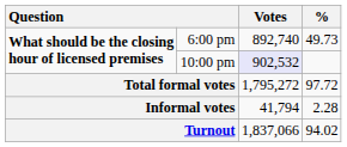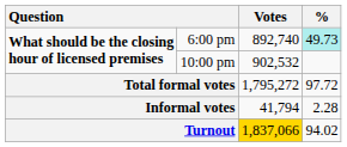 <table class="wikitable" align="center">
 <tr ---->
 <th colspan="2" style="text-align:left">Question</th>
 <th>Votes</th>
 <th>%</th>
 </tr>
 <tr align="right">
 <td rowspan="2" style="text-align:left"><strong>What should be the closing<br>hour of licensed premises</strong></td>
 <td>6:00 pm</td>
 <td>892,740</td>
-<td>49.73</td>
+<td style="background: paleturquoise;">49.73</td>
 </tr>
 <tr align="right">
 <td>10:00 pm</td>
-<td style="background: lavender;">902,532</td>
+<td>902,532</td>
 <td></td>
 </tr>
 <tr align="right">
 <th colspan="2" style="text-align:right">Total formal votes</th>
 <td>1,795,272</td>
 <td>97.72</td>
 </tr>
 <tr align="right">
 <th colspan="2" style="text-align:right">Informal votes</th>
 <td>41,794</td>
 <td>2.28</td>
 </tr>
 <tr align="right">
 <th colspan="2" style="text-align:right"><a href='#'>Turnout</a></th>
-<td>1,837,066</td>
+<td style="background: gold;">1,837,066</td>
 <td>94.02</td>
 </tr>
 </table>
